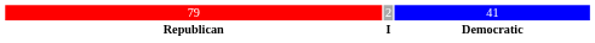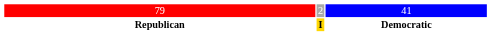 <table style="width:60%; text-align:center;">
 <tr style="color:white;">
 <td style="background:red; width:64.75%;">79</td>
 <td style="background:darkgray; width:1.64%;">2</td>
 <td style="background:blue; width:33.61%;">41</td>
 </tr>
 <tr>
 <td><span><strong>Republican</strong></span></td>
-<td><span><strong>I</strong></span></td>
+<td style="background: gold;"><span><strong>I</strong></span></td>
 <td><span><strong>Democratic</strong></span></td>
 </tr>
 </table>
